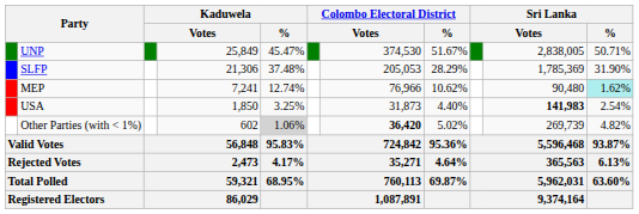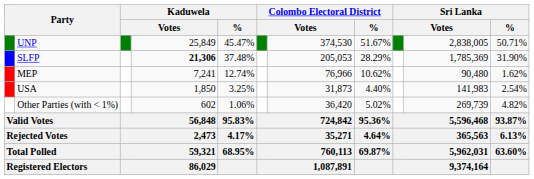 <table class="wikitable">
 <tr>
 <th colspan="2" width="144px"rowspan="2">Party</th>
 <th colspan="3" width="216px">Kaduwela</th>
 <th colspan="3" width="216px"><a href='#'>Colombo Electoral District</a></th>
 <th colspan="3" width="216px">Sri Lanka</th>
 </tr>
 <tr>
 <th colspan="2" width="144px">Votes</th>
 <th>%</th>
 <th colspan="2" width="144px">Votes</th>
 <th>%</th>
 <th colspan="2" width="144px">Votes</th>
 <th>%</th>
 </tr>
 <tr>
 <td style="background-color:green;" width="10px"></td>
 <td style="text-align:left;"><a href='#'>UNP</a></td>
 <td style="background-color:green;" width="10px"></td>
 <td style="text-align:right;">25,849</td>
 <td style="text-align:right;">45.47%</td>
 <td style="background-color:green;" width="10px"></td>
 <td style="text-align:right;">374,530</td>
 <td style="text-align:right;">51.67%</td>
 <td style="background-color:green;" width="10px"></td>
 <td style="text-align:right;">2,838,005</td>
 <td style="text-align:right;">50.71%</td>
 </tr>
 <tr>
 <td style="background-color:blue;" width="10px"></td>
 <td style="text-align:left;"><a href='#'>SLFP</a></td>
 <td style="background-color:white;" width="10px"></td>
-<td style="text-align:right;">21,306</td>
+<td style="text-align:right;"><strong>21,306</strong></td>
 <td style="text-align:right;">37.48%</td>
 <td style="background-color:white;" width="10px"></td>
 <td style="text-align:right;">205,053</td>
 <td style="text-align:right;">28.29%</td>
 <td style="background-color:white;" width="10px"></td>
 <td style="text-align:right;">1,785,369</td>
 <td style="text-align:right;">31.90%</td>
 </tr>
 <tr>
 <td style="background-color:red;" width="10px"></td>
 <td style="text-align:left;">MEP</td>
 <td style="background-color:white;" width="10px"></td>
 <td style="text-align:right;">7,241</td>
 <td style="text-align:right;">12.74%</td>
 <td style="background-color:white;" width="10px"></td>
 <td style="text-align:right;">76,966</td>
 <td style="text-align:right;">10.62%</td>
 <td style="background-color:white;" width="10px"></td>
 <td style="text-align:right;">90,480</td>
-<td style="background: paleturquoise; text-align:right;">1.62%</td>
+<td style="text-align:right;">1.62%</td>
 </tr>
 <tr>
 <td style="background-color:red;" width="10px"></td>
 <td style="text-align:left;">USA</td>
 <td style="background-color:white;" width="10px"></td>
 <td style="text-align:right;">1,850</td>
 <td style="text-align:right;">3.25%</td>
 <td style="background-color:white;" width="10px"></td>
 <td style="text-align:right;">31,873</td>
 <td style="text-align:right;">4.40%</td>
 <td style="background-color:white;" width="10px"></td>
-<td style="text-align:right;"><strong>141,983</strong></td>
+<td style="text-align:right;">141,983</td>
 <td style="text-align:right;">2.54%</td>
 </tr>
 <tr>
 <td style="background-color:white;" width="10px"></td>
 <td style="text-align:left;">Other Parties (with < 1%)</td>
 <td style="background-color:white;" width="10px"></td>
 <td style="text-align:right;">602</td>
-<td style="background: lightgrey; text-align:right;">1.06%</td>
+<td style="text-align:right;">1.06%</td>
 <td style="background-color:white;" width="10px"></td>
-<td style="text-align:right;"><strong>36,420</strong></td>
+<td style="text-align:right;">36,420</td>
 <td style="text-align:right;">5.02%</td>
 <td style="background-color:white;" width="10px"></td>
 <td style="text-align:right;">269,739</td>
 <td style="text-align:right;">4.82%</td>
 </tr>
 <tr>
 <th colspan="2" width="144px"style="text-align:left;">Valid Votes</th>
 <th style="text-align:right;"colspan="2" width="144px">56,848</th>
 <th style="text-align:right;">95.83%</th>
 <th style="text-align:right;"colspan="2" width="144px">724,842</th>
 <th style="text-align:right;">95.36%</th>
 <th style="text-align:right;"colspan="2" width="144px">5,596,468</th>
 <th style="text-align:right;">93.87%</th>
 </tr>
 <tr>
 <th colspan="2" width="144px"style="text-align:left;">Rejected Votes</th>
 <th style="text-align:right;"colspan="2" width="144px">2,473</th>
 <th style="text-align:right;">4.17%</th>
 <th style="text-align:right;"colspan="2" width="144px">35,271</th>
 <th style="text-align:right;">4.64%</th>
 <th style="text-align:right;"colspan="2" width="144px">365,563</th>
 <th style="text-align:right;">6.13%</th>
 </tr>
 <tr>
 <th colspan="2" width="144px"style="text-align:left;">Total Polled</th>
 <th style="text-align:right;"colspan="2" width="144px">59,321</th>
 <th style="text-align:right;">68.95%</th>
 <th style="text-align:right;"colspan="2" width="144px">760,113</th>
 <th style="text-align:right;">69.87%</th>
 <th style="text-align:right;"colspan="2" width="144px">5,962,031</th>
 <th style="text-align:right;">63.60%</th>
 </tr>
 <tr>
 <th colspan="2" width="144px"style="text-align:left;">Registered Electors</th>
 <th style="text-align:right;"colspan="2" width="144px">86,029</th>
 <th></th>
 <th style="text-align:right;"colspan="2" width="144px">1,087,891</th>
 <th></th>
 <th style="text-align:right;"colspan="2" width="144px">9,374,164</th>
 <th></th>
 </tr>
 </table>
